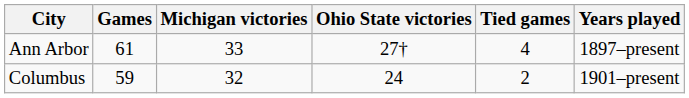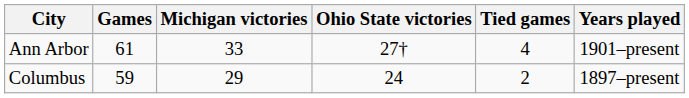 <table class="wikitable sortable">
 <tr>
 <th>City</th>
 <th>Games</th>
 <th>Michigan victories</th>
 <th>Ohio State victories</th>
 <th>Tied games</th>
 <th>Years played</th>
 </tr>
 <tr>
 <td>Ann Arbor</td>
 <td style="text-align:center;">61</td>
 <td style="text-align:center;">33</td>
 <td style="text-align:center;">27†</td>
 <td style="text-align:center;">4</td>
-<td style="text-align:center;">1897–present</td>
+<td style="text-align:center;">1901–present</td>
 </tr>
 <tr>
 <td>Columbus</td>
 <td style="text-align:center;">59</td>
-<td style="text-align:center;">32</td>
+<td style="text-align:center;">29</td>
 <td style="text-align:center;">24</td>
 <td style="text-align:center;">2</td>
-<td style="text-align:center;">1901–present</td>
+<td style="text-align:center;">1897–present</td>
 </tr>
 </table>
